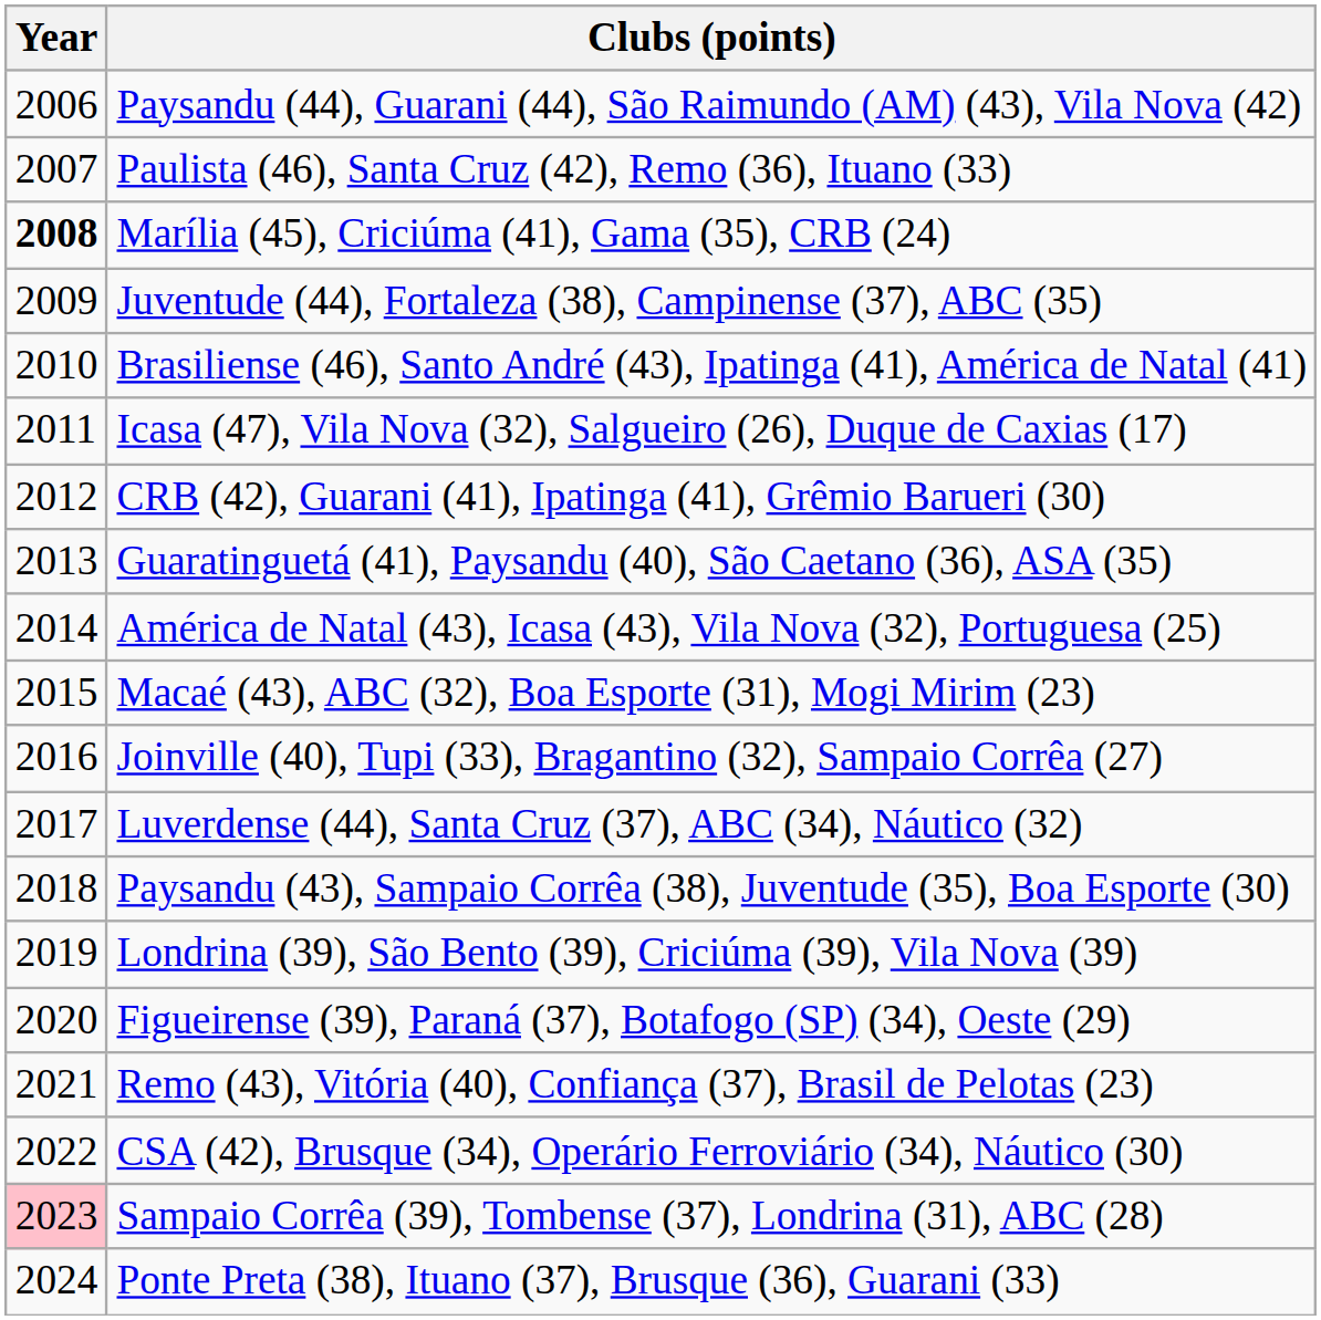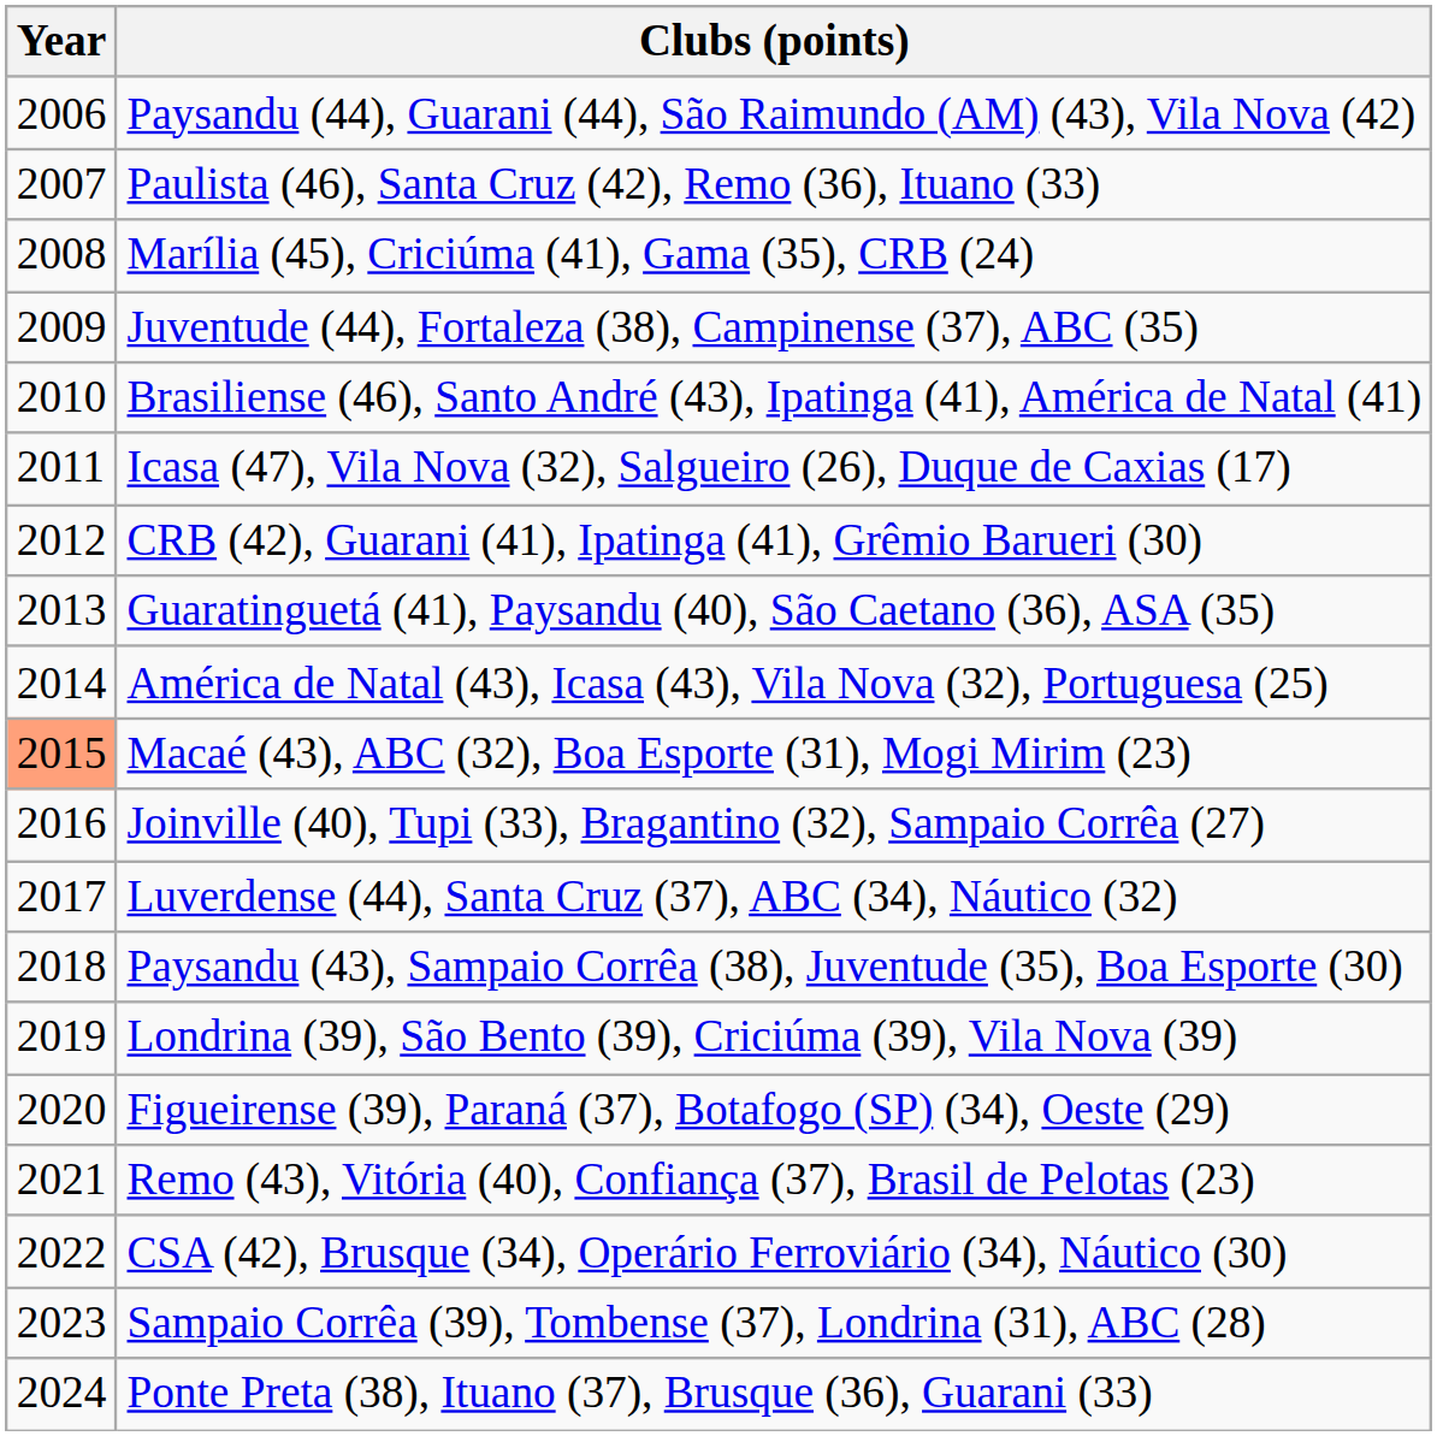 <table class="wikitable">
 <tr>
 <th>Year</th>
 <th>Clubs (points)</th>
 </tr>
 <tr>
 <td>2006</td>
 <td><a href='#'>Paysandu</a> (44), <a href='#'>Guarani</a> (44), <a href='#'>São Raimundo (AM)</a> (43), <a href='#'>Vila Nova</a> (42)</td>
 </tr>
 <tr>
 <td>2007</td>
 <td><a href='#'>Paulista</a> (46), <a href='#'>Santa Cruz</a> (42), <a href='#'>Remo</a> (36), <a href='#'>Ituano</a> (33)</td>
 </tr>
 <tr>
-<td><strong>2008</strong></td>
+<td>2008</td>
 <td><a href='#'>Marília</a> (45), <a href='#'>Criciúma</a> (41), <a href='#'>Gama</a> (35), <a href='#'>CRB</a> (24)</td>
 </tr>
 <tr>
 <td>2009</td>
 <td><a href='#'>Juventude</a> (44), <a href='#'>Fortaleza</a> (38), <a href='#'>Campinense</a> (37), <a href='#'>ABC</a> (35)</td>
 </tr>
 <tr>
 <td>2010</td>
 <td><a href='#'>Brasiliense</a> (46), <a href='#'>Santo André</a> (43), <a href='#'>Ipatinga</a> (41), <a href='#'>América de Natal</a> (41)</td>
 </tr>
 <tr>
 <td>2011</td>
 <td><a href='#'>Icasa</a> (47), <a href='#'>Vila Nova</a> (32), <a href='#'>Salgueiro</a> (26), <a href='#'>Duque de Caxias</a> (17)</td>
 </tr>
 <tr>
 <td>2012</td>
 <td><a href='#'>CRB</a> (42), <a href='#'>Guarani</a> (41), <a href='#'>Ipatinga</a> (41), <a href='#'>Grêmio Barueri</a> (30)</td>
 </tr>
 <tr>
 <td>2013</td>
 <td><a href='#'>Guaratinguetá</a> (41), <a href='#'>Paysandu</a> (40), <a href='#'>São Caetano</a> (36), <a href='#'>ASA</a> (35)</td>
 </tr>
 <tr>
 <td>2014</td>
 <td><a href='#'>América de Natal</a> (43), <a href='#'>Icasa</a> (43), <a href='#'>Vila Nova</a> (32), <a href='#'>Portuguesa</a> (25)</td>
 </tr>
 <tr>
-<td>2015</td>
+<td style="background: lightsalmon;">2015</td>
 <td><a href='#'>Macaé</a> (43), <a href='#'>ABC</a> (32), <a href='#'>Boa Esporte</a> (31), <a href='#'>Mogi Mirim</a> (23)</td>
 </tr>
 <tr>
 <td>2016</td>
 <td><a href='#'>Joinville</a> (40), <a href='#'>Tupi</a> (33), <a href='#'>Bragantino</a> (32), <a href='#'>Sampaio Corrêa</a> (27)</td>
 </tr>
 <tr>
 <td>2017</td>
 <td><a href='#'>Luverdense</a> (44), <a href='#'>Santa Cruz</a> (37), <a href='#'>ABC</a> (34), <a href='#'>Náutico</a> (32)</td>
 </tr>
 <tr>
 <td>2018</td>
 <td><a href='#'>Paysandu</a> (43), <a href='#'>Sampaio Corrêa</a> (38), <a href='#'>Juventude</a> (35), <a href='#'>Boa Esporte</a> (30)</td>
 </tr>
 <tr>
 <td>2019</td>
 <td><a href='#'>Londrina</a> (39), <a href='#'>São Bento</a> (39), <a href='#'>Criciúma</a> (39), <a href='#'>Vila Nova</a> (39)</td>
 </tr>
 <tr>
 <td>2020</td>
 <td><a href='#'>Figueirense</a> (39), <a href='#'>Paraná</a> (37), <a href='#'>Botafogo (SP)</a> (34), <a href='#'>Oeste</a> (29)</td>
 </tr>
 <tr>
 <td>2021</td>
 <td><a href='#'>Remo</a> (43), <a href='#'>Vitória</a> (40), <a href='#'>Confiança</a> (37), <a href='#'>Brasil de Pelotas</a> (23)</td>
 </tr>
 <tr>
 <td>2022</td>
 <td><a href='#'>CSA</a> (42), <a href='#'>Brusque</a> (34), <a href='#'>Operário Ferroviário</a> (34), <a href='#'>Náutico</a> (30)</td>
 </tr>
 <tr>
-<td style="background: pink;">2023</td>
+<td>2023</td>
 <td><a href='#'>Sampaio Corrêa</a> (39), <a href='#'>Tombense</a> (37), <a href='#'>Londrina</a> (31), <a href='#'>ABC</a> (28)</td>
 </tr>
 <tr>
 <td>2024</td>
 <td><a href='#'>Ponte Preta</a> (38), <a href='#'>Ituano</a> (37), <a href='#'>Brusque</a> (36), <a href='#'>Guarani</a> (33)</td>
 </tr>
 </table>
